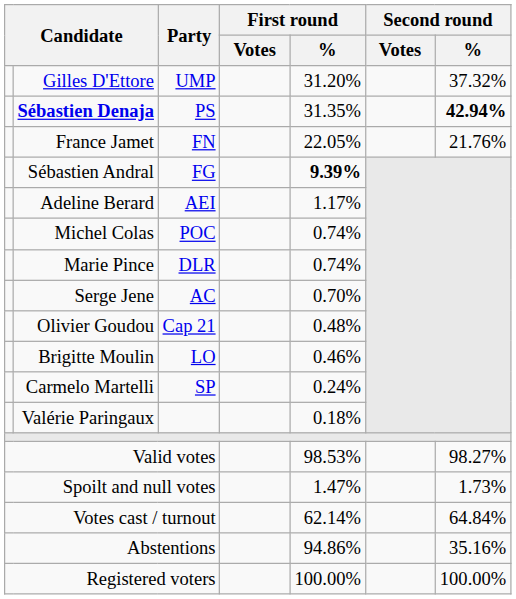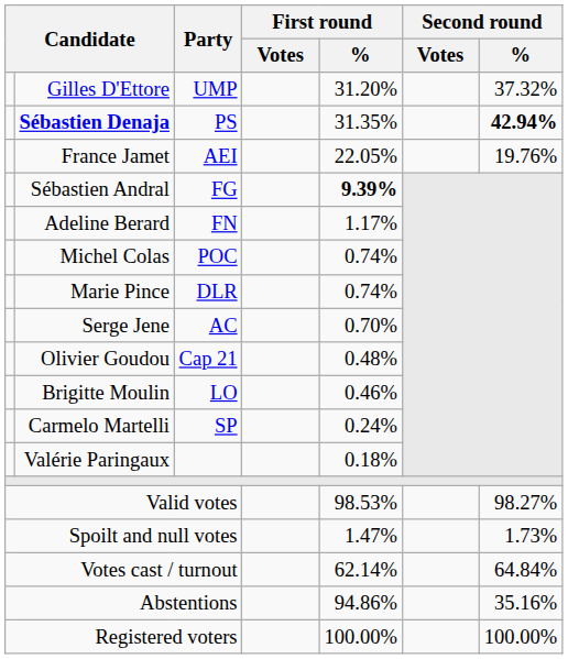 <table class="wikitable" style="text-align:right;font-size:95%;">
 <tr>
 <th rowspan=2 colspan=2>Candidate</th>
 <th rowspan=2 colspan=1>Party</th>
 <th colspan=2>First round</th>
 <th colspan=2>Second round</th>
 </tr>
 <tr>
 <th style="width:50px;">Votes</th>
 <th style="width:55px;">%</th>
 <th style="width:50px;">Votes</th>
 <th style="width:55px;">%</th>
 </tr>
 <tr>
 <td style="color:inherit;background-color:"></td>
 <td><a href='#'>Gilles D'Ettore</a></td>
 <td><a href='#'>UMP</a></td>
 <td></td>
 <td>31.20%</td>
 <td></td>
 <td>37.32%</td>
 </tr>
 <tr>
 <td style="color:inherit;background-color:"></td>
 <td><strong><a href='#'>Sébastien Denaja</a></strong></td>
 <td><a href='#'>PS</a></td>
 <td></td>
 <td>31.35%</td>
 <td><strong></strong></td>
 <td><strong>42.94%</strong></td>
 </tr>
 <tr>
 <td style="color:inherit;background-color:"></td>
 <td>France Jamet</td>
-<td><a href='#'>FN</a></td>
+<td><a href='#'>AEI</a></td>
 <td></td>
 <td>22.05%</td>
 <td></td>
-<td>21.76%</td>
+<td>19.76%</td>
 </tr>
 <tr>
 <td style="color:inherit;background-color:"></td>
 <td>Sébastien Andral</td>
 <td><a href='#'>FG</a></td>
 <td></td>
 <td><strong>9.39%</strong></td>
 <td colspan=7 rowspan=9 style="background-color:#E9E9E9;"></td>
 </tr>
 <tr>
 <td style="color:inherit;background-color:"></td>
 <td>Adeline Berard</td>
-<td><a href='#'>AEI</a></td>
+<td><a href='#'>FN</a></td>
 <td></td>
 <td>1.17%</td>
 </tr>
 <tr>
 <td style="color:inherit;background-color:"></td>
 <td>Michel Colas</td>
 <td><a href='#'>POC</a></td>
 <td></td>
 <td>0.74%</td>
 </tr>
 <tr>
 <td style="color:inherit;background-color:"></td>
 <td>Marie Pince</td>
 <td><a href='#'>DLR</a></td>
 <td></td>
 <td>0.74%</td>
 </tr>
 <tr>
 <td style="color:inherit;background-color:"></td>
 <td>Serge Jene</td>
 <td><a href='#'>AC</a></td>
 <td></td>
 <td>0.70%</td>
 </tr>
 <tr>
 <td style="color:inherit;background-color:"></td>
 <td>Olivier Goudou</td>
 <td><a href='#'>Cap 21</a></td>
 <td></td>
 <td>0.48%</td>
 </tr>
 <tr>
 <td style="color:inherit;background-color:"></td>
 <td>Brigitte Moulin</td>
 <td><a href='#'>LO</a></td>
 <td></td>
 <td>0.46%</td>
 </tr>
 <tr>
 <td style="color:inherit;background-color:"></td>
 <td>Carmelo Martelli</td>
 <td><a href='#'>SP</a></td>
 <td></td>
 <td>0.24%</td>
 </tr>
 <tr>
 <td style="background-color:;"></td>
 <td>Valérie Paringaux</td>
 <td></td>
 <td></td>
 <td>0.18%</td>
 </tr>
 <tr>
 <td colspan=7 style="background-color:#E9E9E9;"></td>
 </tr>
 <tr>
 <td colspan=3>Valid votes</td>
 <td></td>
 <td>98.53%</td>
 <td></td>
 <td>98.27%</td>
 </tr>
 <tr>
 <td colspan=3>Spoilt and null votes</td>
 <td></td>
 <td>1.47%</td>
 <td></td>
 <td>1.73%</td>
 </tr>
 <tr>
 <td colspan=3>Votes cast / turnout</td>
 <td></td>
 <td>62.14%</td>
 <td></td>
 <td>64.84%</td>
 </tr>
 <tr>
 <td colspan=3>Abstentions</td>
 <td></td>
 <td>94.86%</td>
 <td></td>
 <td>35.16%</td>
 </tr>
 <tr>
 <td colspan=3>Registered voters</td>
 <td></td>
 <td>100.00%</td>
 <td></td>
 <td>100.00%</td>
 </tr>
 </table>
